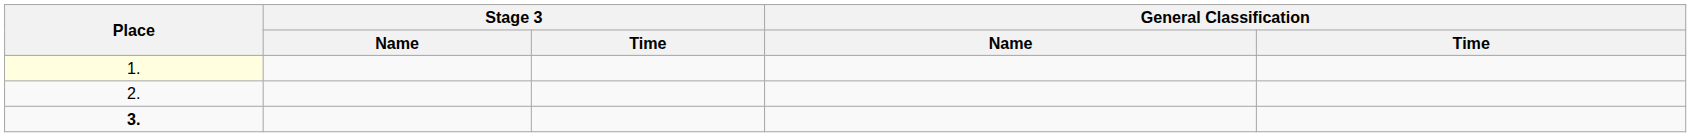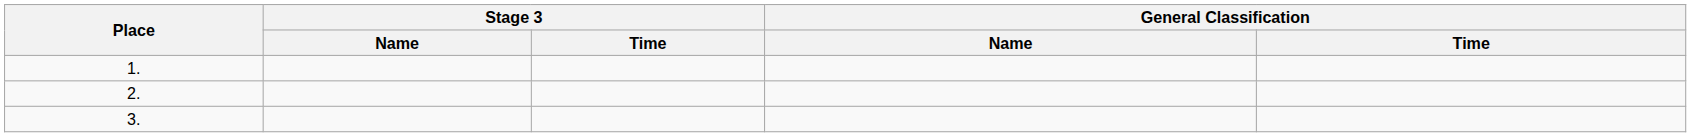 <table class="wikitable"  style="font-size:95%; width:80%;">
 <tr>
 <th rowspan="2">Place</th>
 <th colspan="2">Stage 3</th>
 <th colspan="2">General Classification</th>
 </tr>
 <tr>
 <th>Name</th>
 <th>Time</th>
 <th>Name</th>
 <th>Time</th>
 </tr>
 <tr>
-<td style="background: lightyellow; text-align:center;">1.</td>
+<td style="text-align:center;">1.</td>
 <td></td>
 <td></td>
 <td></td>
 <td></td>
 </tr>
 <tr>
 <td style="text-align:center;">2.</td>
 <td></td>
 <td></td>
 <td></td>
 <td></td>
 </tr>
 <tr>
-<td style="text-align:center;"><strong>3.</strong></td>
+<td style="text-align:center;">3.</td>
 <td></td>
 <td></td>
 <td></td>
 <td></td>
 </tr>
 </table>
